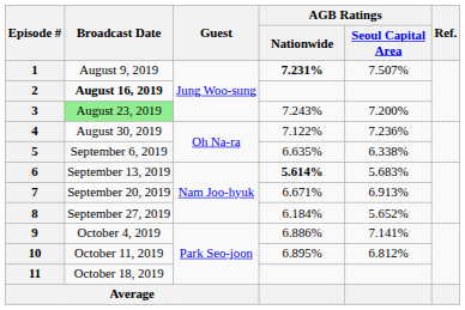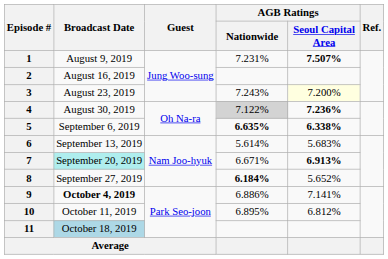 <table class="wikitable" style="text-align:center;">
 <tr>
 <th rowspan=2>Episode #</th>
 <th rowspan=2>Broadcast Date</th>
 <th class="unsortable" rowspan=2>Guest</th>
 <th colspan=2>AGB Ratings</th>
 <th rowspan="2">Ref.</th>
 </tr>
 <tr>
 <th width=100>Nationwide</th>
 <th width=100><a href='#'>Seoul Capital Area</a></th>
 </tr>
 <tr>
 <th>1</th>
 <td>August 9, 2019</td>
 <td rowspan=3><a href='#'>Jung Woo-sung</a></td>
-<td><strong>7.231%</strong></td>
-<td>7.507%</td>
+<td>7.231%</td>
+<td><strong>7.507%</strong></td>
 <td rowspan=3></td>
 </tr>
 <tr>
 <th>2</th>
-<td><strong>August 16, 2019</strong></td>
+<td>August 16, 2019</td>
 <td></td>
 <td></td>
 </tr>
 <tr>
 <th>3</th>
-<td style="background: lightgreen;">August 23, 2019</td>
+<td>August 23, 2019</td>
 <td>7.243%</td>
-<td>7.200%</td>
+<td style="background: lightyellow;">7.200%</td>
 </tr>
 <tr>
 <th>4</th>
 <td>August 30, 2019</td>
 <td rowspan=2><a href='#'>Oh Na-ra</a></td>
-<td>7.122%</td>
-<td>7.236%</td>
+<td style="background: lightgrey;">7.122%</td>
+<td><strong>7.236%</strong></td>
 <td rowspan=2></td>
 </tr>
 <tr>
 <th>5</th>
 <td>September 6, 2019</td>
-<td>6.635%</td>
-<td>6.338%</td>
+<td><strong>6.635%</strong></td>
+<td><strong>6.338%</strong></td>
 </tr>
 <tr>
 <th>6</th>
 <td>September 13, 2019</td>
 <td rowspan=3><a href='#'>Nam Joo-hyuk</a></td>
-<td><strong>5.614%</strong></td>
+<td>5.614%</td>
 <td>5.683%</td>
 <td rowspan=3></td>
 </tr>
 <tr>
 <th>7</th>
-<td>September 20, 2019</td>
+<td style="background: paleturquoise;">September 20, 2019</td>
 <td>6.671%</td>
-<td>6.913%</td>
+<td><strong>6.913%</strong></td>
 </tr>
 <tr>
 <th>8</th>
 <td>September 27, 2019</td>
-<td>6.184%</td>
+<td><strong>6.184%</strong></td>
 <td>5.652%</td>
 </tr>
 <tr>
 <th>9</th>
-<td>October 4, 2019</td>
+<td><strong>October 4, 2019</strong></td>
 <td rowspan=3><a href='#'>Park Seo-joon</a></td>
 <td>6.886%</td>
 <td>7.141%</td>
 <td rowspan=3></td>
 </tr>
 <tr>
 <th>10</th>
 <td>October 11, 2019</td>
 <td>6.895%</td>
 <td>6.812%</td>
 </tr>
 <tr>
 <th>11</th>
-<td>October 18, 2019</td>
+<td style="background: lightblue;">October 18, 2019</td>
 <td></td>
 <td></td>
 </tr>
 <tr>
 <th colspan="3">Average</th>
 <th></th>
 <th></th>
 <th></th>
 </tr>
 </table>
